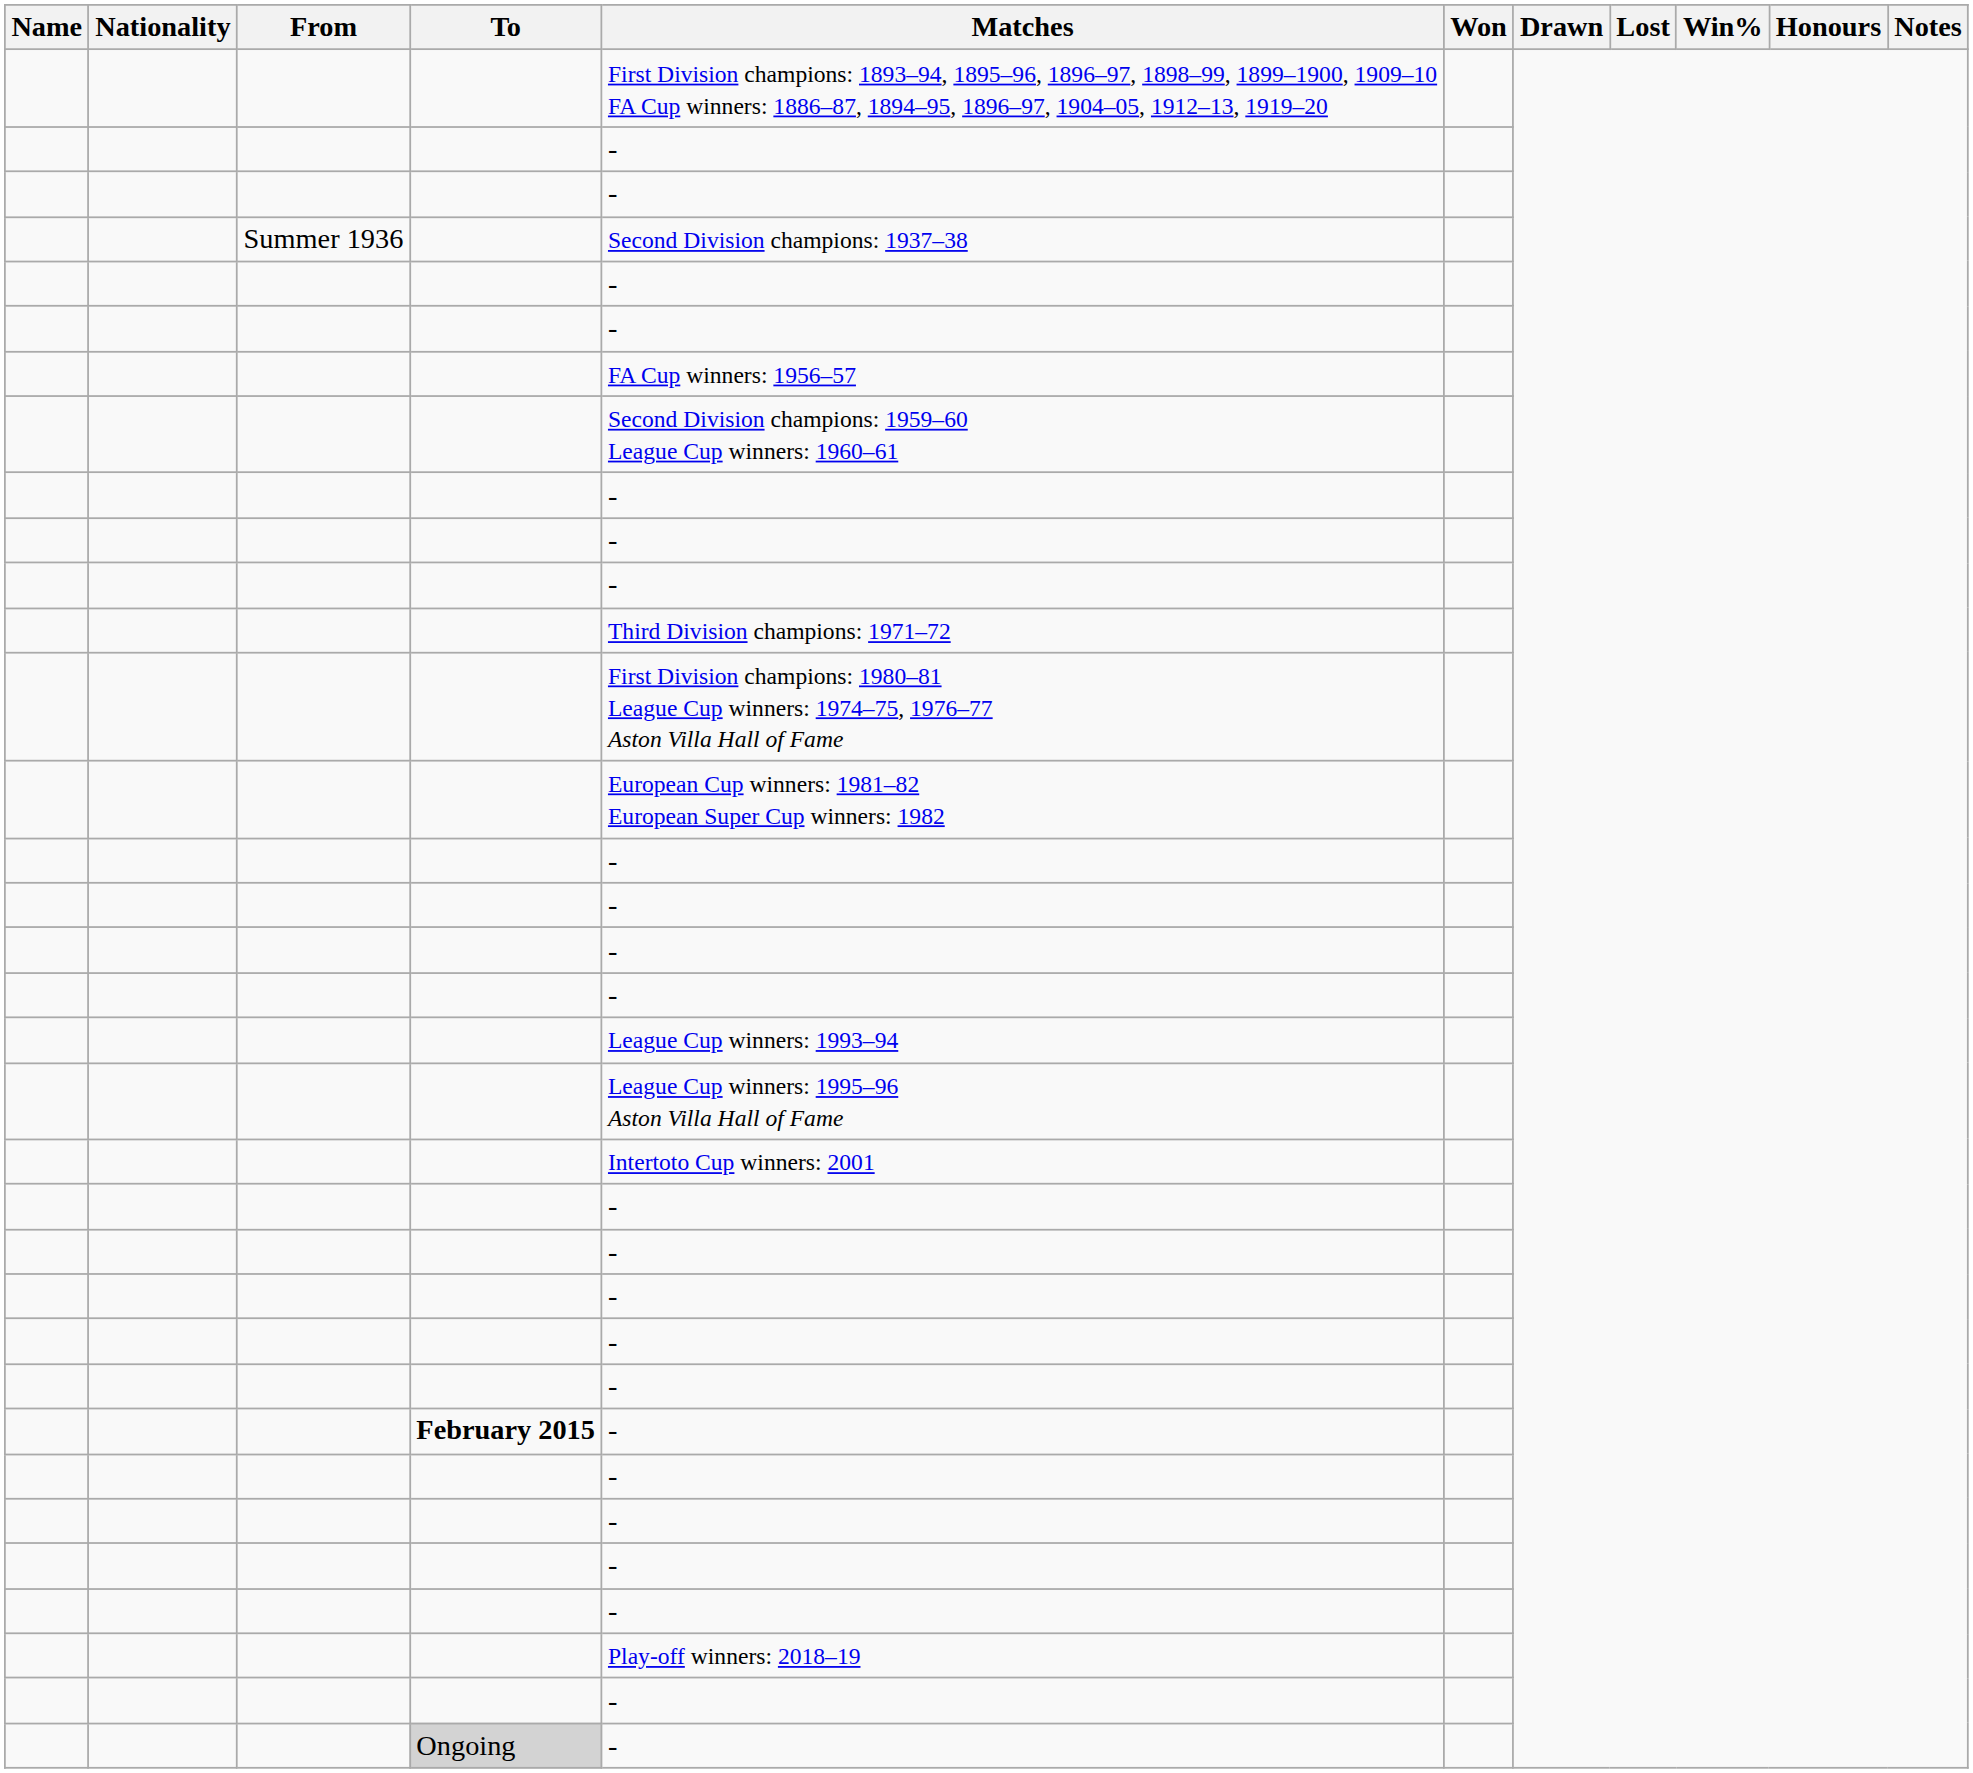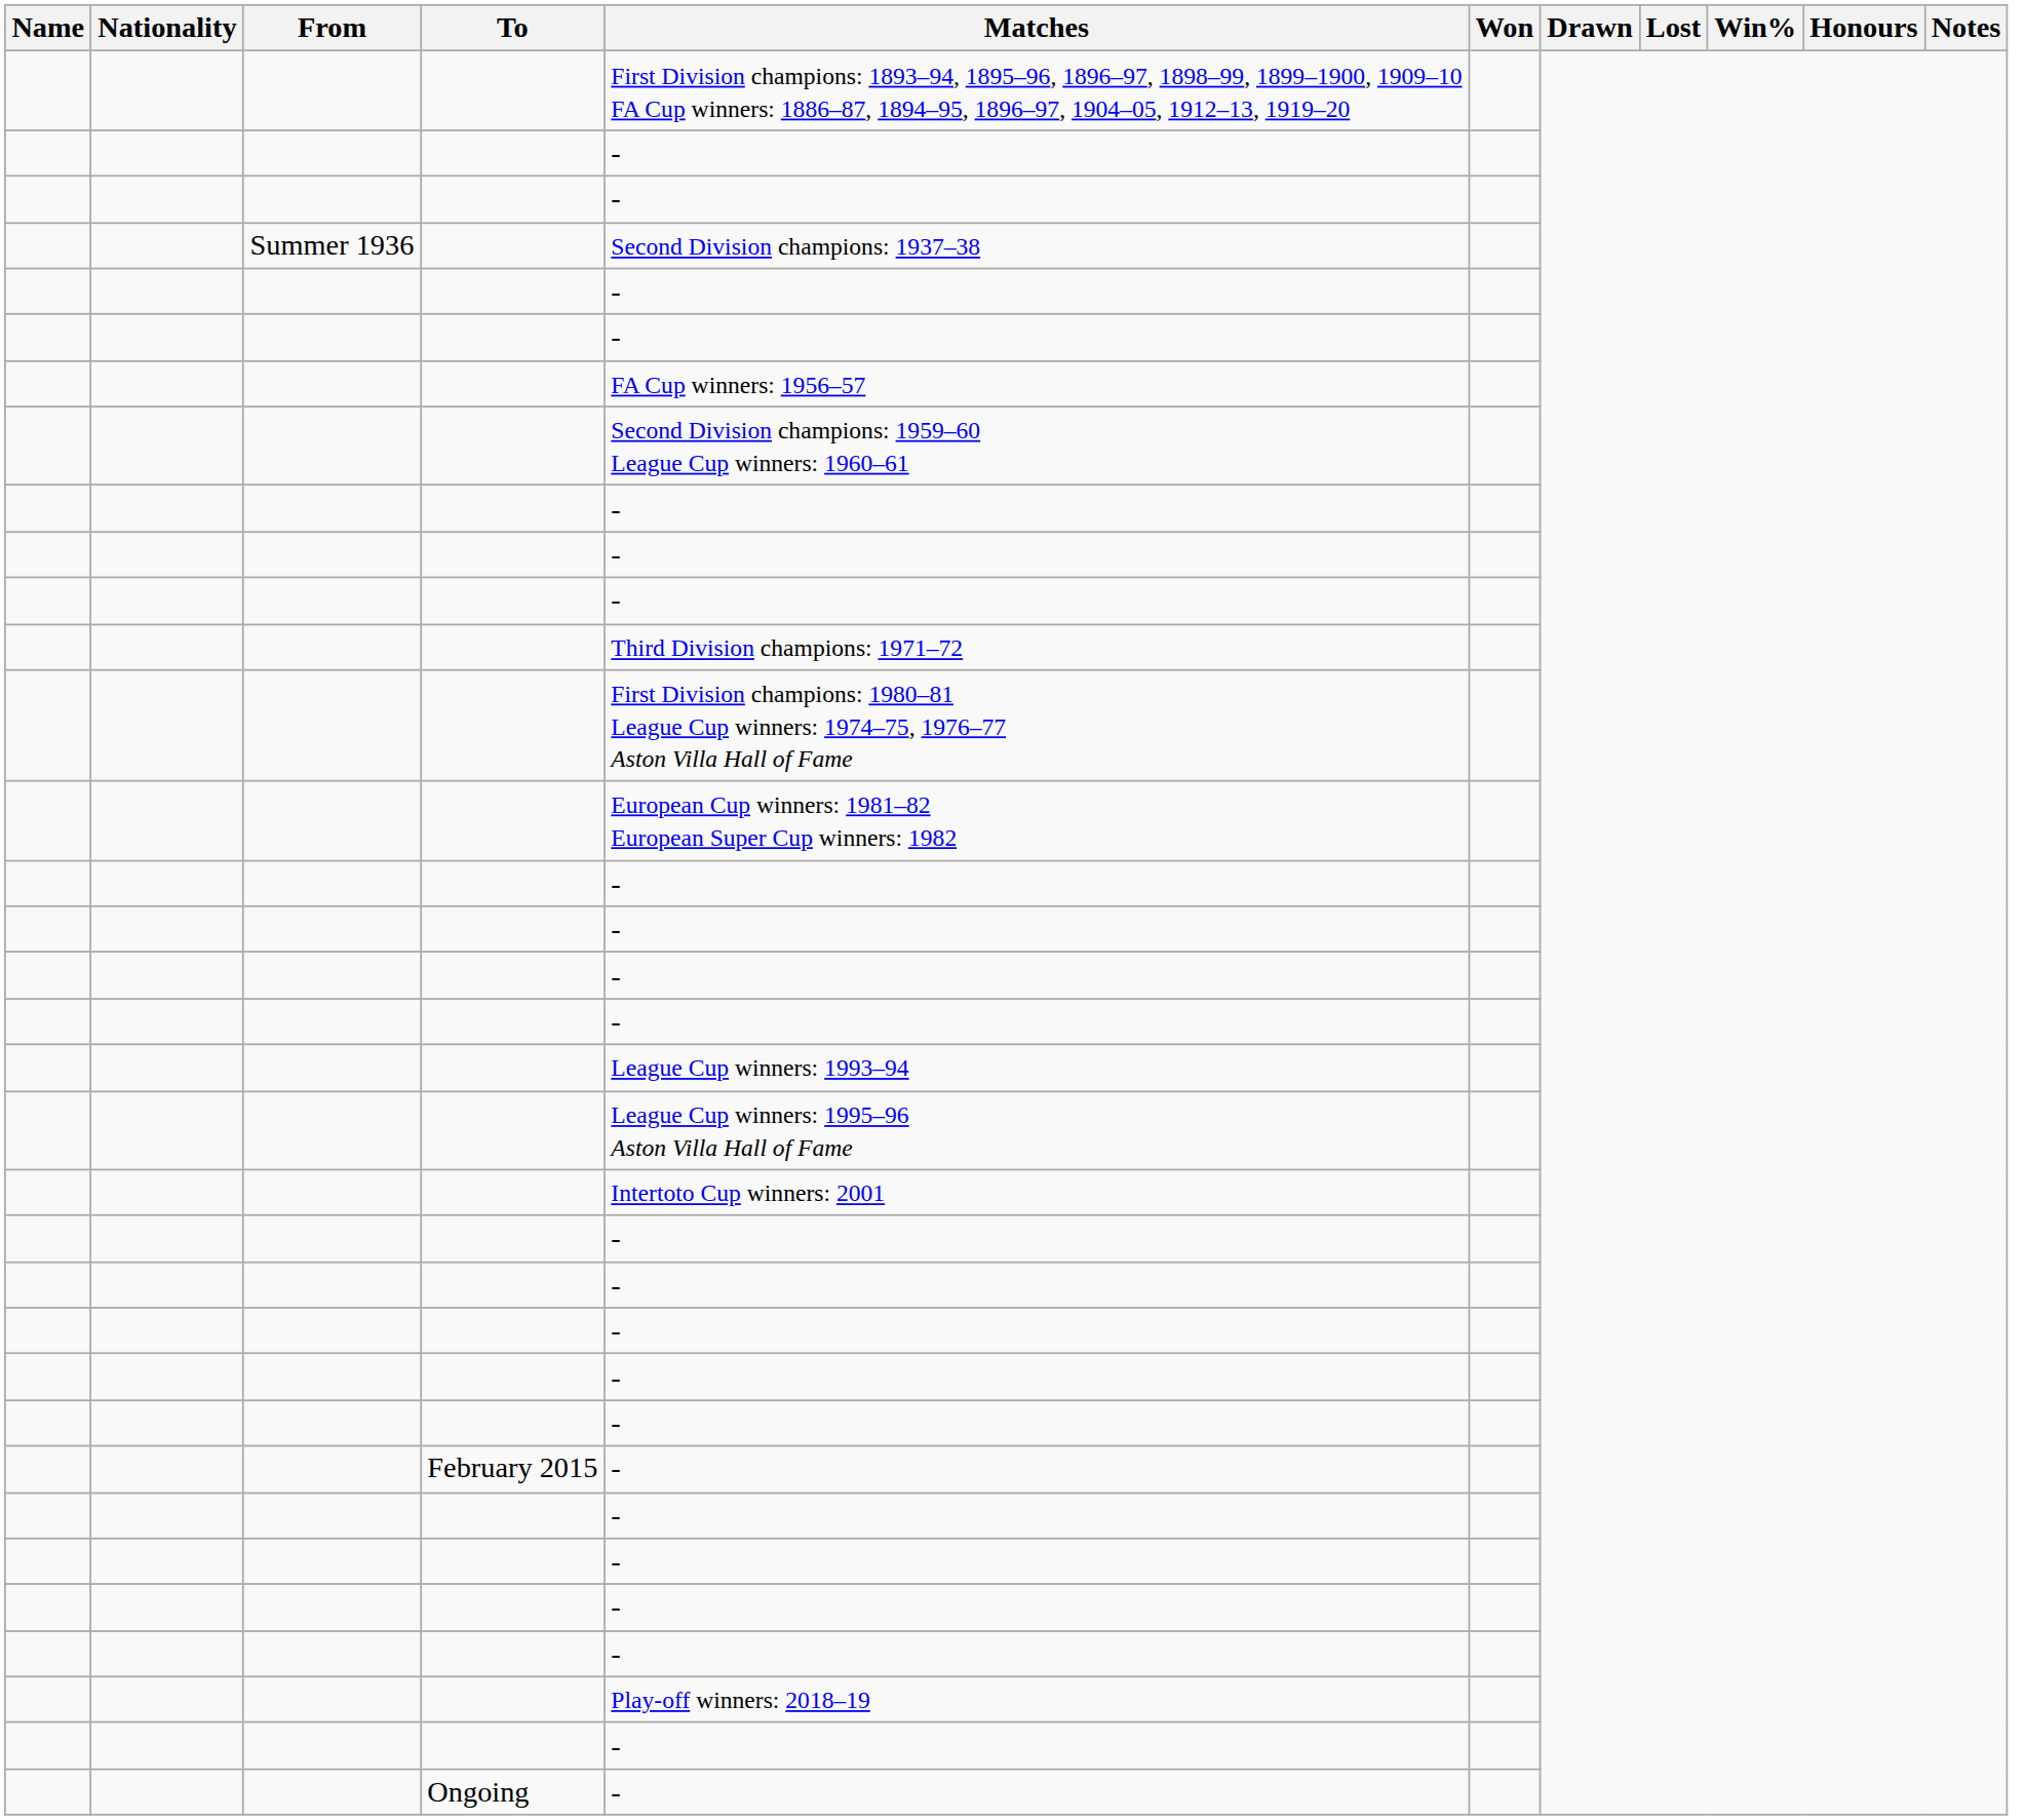 <table class="wikitable sortable" style="text-align: left">
 <tr>
 <th>Name</th>
 <th>Nationality</th>
 <th>From</th>
 <th class="unsortable">To</th>
 <th>Matches</th>
 <th>Won</th>
 <th>Drawn</th>
 <th>Lost</th>
 <th>Win%</th>
 <th class="unsortable">Honours</th>
 <th class="unsortable">Notes</th>
 </tr>
 <tr>
 <td align=left></td>
 <td></td>
 <td align=left></td>
 <td align=left><br></td>
 <td align=left><small><a href='#'>First Division</a> champions: <a href='#'>1893–94</a>, <a href='#'>1895–96</a>, <a href='#'>1896–97</a>, <a href='#'>1898–99</a>, <a href='#'>1899–1900</a>, <a href='#'>1909–10</a><br><a href='#'>FA Cup</a> winners: <a href='#'>1886–87</a>, <a href='#'>1894–95</a>, <a href='#'>1896–97</a>, <a href='#'>1904–05</a>, <a href='#'>1912–13</a>, <a href='#'>1919–20</a></small></td>
 <td></td>
 </tr>
 <tr>
 <td align=left></td>
 <td></td>
 <td align=left></td>
 <td align=left><br></td>
 <td align=left>-</td>
 <td></td>
 </tr>
 <tr>
 <td align=left></td>
 <td></td>
 <td align=left></td>
 <td align=left><br></td>
 <td align=left>-</td>
 <td></td>
 </tr>
 <tr>
 <td align=left></td>
 <td></td>
 <td align=left> Summer 1936</td>
 <td align=left><br></td>
 <td align=left><small><a href='#'>Second Division</a> champions: <a href='#'>1937–38</a></small></td>
 <td></td>
 </tr>
 <tr>
 <td align=left></td>
 <td></td>
 <td align=left></td>
 <td align=left><br></td>
 <td align=left>-</td>
 <td></td>
 </tr>
 <tr>
 <td align=left></td>
 <td></td>
 <td align=left></td>
 <td align=left><br></td>
 <td align=left>-</td>
 <td></td>
 </tr>
 <tr>
 <td align=left></td>
 <td></td>
 <td align=left></td>
 <td align=left><br></td>
 <td align=left><small><a href='#'>FA Cup</a> winners: <a href='#'>1956–57</a></small></td>
 <td></td>
 </tr>
 <tr>
 <td align=left></td>
 <td></td>
 <td align=left></td>
 <td align=left><br></td>
 <td align=left><small><a href='#'>Second Division</a> champions: <a href='#'>1959–60</a><br><a href='#'>League Cup</a> winners: <a href='#'>1960–61</a></small></td>
 <td></td>
 </tr>
 <tr>
 <td align=left></td>
 <td></td>
 <td align=left></td>
 <td align=left><br></td>
 <td align=left>-</td>
 <td></td>
 </tr>
 <tr>
 <td align=left></td>
 <td></td>
 <td align=left></td>
 <td align=left><br></td>
 <td align=left>-</td>
 <td></td>
 </tr>
 <tr>
 <td align=left></td>
 <td></td>
 <td align=left></td>
 <td align=left><br></td>
 <td align=left>-</td>
 <td></td>
 </tr>
 <tr>
 <td align=left></td>
 <td></td>
 <td align=left></td>
 <td align=left><br></td>
 <td align=left><small><a href='#'>Third Division</a> champions: <a href='#'>1971–72</a></small></td>
 <td></td>
 </tr>
 <tr>
 <td align=left></td>
 <td></td>
 <td align=left></td>
 <td align=left><br></td>
 <td align=left><small><a href='#'>First Division</a> champions: <a href='#'>1980–81</a><br><a href='#'>League Cup</a> winners: <a href='#'>1974–75</a>, <a href='#'>1976–77</a><br><em>Aston Villa Hall of Fame</em></small></td>
 <td></td>
 </tr>
 <tr>
 <td align=left></td>
 <td></td>
 <td align=left></td>
 <td align=left><br></td>
 <td align=left><small><a href='#'>European Cup</a> winners: <a href='#'>1981–82</a><br><a href='#'>European Super Cup</a> winners: <a href='#'>1982</a></small></td>
 <td></td>
 </tr>
 <tr>
 <td align=left></td>
 <td></td>
 <td align=left></td>
 <td align=left><br></td>
 <td align=left>-</td>
 <td></td>
 </tr>
 <tr>
 <td align=left></td>
 <td></td>
 <td align=left></td>
 <td align=left><br></td>
 <td align=left>-</td>
 <td></td>
 </tr>
 <tr>
 <td align=left></td>
 <td></td>
 <td align=left></td>
 <td align=left><br></td>
 <td align=left>-</td>
 <td></td>
 </tr>
 <tr>
 <td align=left></td>
 <td></td>
 <td align=left></td>
 <td align=left><br></td>
 <td align=left>-</td>
 <td></td>
 </tr>
 <tr>
 <td align=left></td>
 <td></td>
 <td align=left></td>
 <td align=left><br></td>
 <td align=left><small><a href='#'>League Cup</a> winners: <a href='#'>1993–94</a></small></td>
 <td></td>
 </tr>
 <tr>
 <td align=left></td>
 <td></td>
 <td align=left></td>
 <td align=left><br></td>
 <td align=left><small><a href='#'>League Cup</a> winners: <a href='#'>1995–96</a><br> <em>Aston Villa Hall of Fame</em></small></td>
 <td></td>
 </tr>
 <tr>
 <td align=left></td>
 <td></td>
 <td align=left></td>
 <td align=left><br></td>
 <td align=left><small><a href='#'>Intertoto Cup</a> winners: <a href='#'>2001</a></small></td>
 <td></td>
 </tr>
 <tr>
 <td align=left></td>
 <td></td>
 <td align=left></td>
 <td align=left><br></td>
 <td align=left>-</td>
 <td></td>
 </tr>
 <tr>
 <td align=left></td>
 <td></td>
 <td align=left></td>
 <td align=left><br></td>
 <td align=left>-</td>
 <td></td>
 </tr>
 <tr>
 <td align=left></td>
 <td></td>
 <td align=left></td>
 <td align=left><br></td>
 <td align=left>-</td>
 <td></td>
 </tr>
 <tr>
 <td align=left></td>
 <td></td>
 <td align=left></td>
 <td align=left><br></td>
 <td align=left>-</td>
 <td></td>
 </tr>
 <tr>
 <td align=left></td>
 <td></td>
 <td align=left></td>
 <td align=left><br></td>
 <td align=left>-</td>
 <td></td>
 </tr>
 <tr>
 <td align=left></td>
 <td></td>
 <td align=left></td>
-<td align=left><strong>February 2015<br></strong></td>
+<td align=left>February 2015<br></td>
 <td align=left>-</td>
 <td></td>
 </tr>
 <tr>
 <td align=left></td>
 <td></td>
 <td align=left></td>
 <td align=left><br></td>
 <td align=left>-</td>
 <td></td>
 </tr>
 <tr>
 <td align=left></td>
 <td></td>
 <td align=left></td>
 <td align=left><br></td>
 <td align=left>-</td>
 <td></td>
 </tr>
 <tr>
 <td align=left></td>
 <td></td>
 <td align=left></td>
 <td align=left><br></td>
 <td align=left>-</td>
 <td></td>
 </tr>
 <tr>
 <td align=left></td>
 <td></td>
 <td align=left></td>
 <td align=left><br></td>
 <td align=left>-</td>
 <td></td>
 </tr>
 <tr>
 <td align=left></td>
 <td></td>
 <td align=left></td>
 <td align=left><br></td>
 <td align=left><small><a href='#'>Play-off</a> winners: <a href='#'>2018–19</a></small></td>
 <td></td>
 </tr>
 <tr>
 <td align=left></td>
 <td></td>
 <td align=left></td>
 <td align=left><br></td>
 <td>-</td>
 <td></td>
 </tr>
 <tr>
 <td align="left"></td>
 <td></td>
 <td align="left"></td>
-<td align="left" style="background: lightgrey;">Ongoing<br></td>
+<td align="left">Ongoing<br></td>
 <td>-</td>
 <td></td>
 </tr>
 </table>
